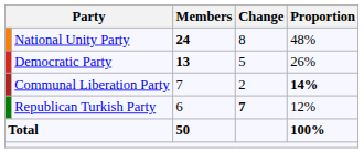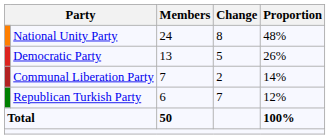 <table class=wikitable style="border:1px solid #8888aa; background-color:#f7f8ff; padding:0px; font-size:90%;">
 <tr>
 <th colspan="2">Party</th>
 <th>Members</th>
 <th>Change</th>
 <th>Proportion</th>
 </tr>
 <tr>
 <td style="background: #FF7F00"></td>
 <td><a href='#'>National Unity Party</a></td>
-<td><strong>24</strong></td>
+<td>24</td>
 <td>8</td>
 <td>48%</td>
 </tr>
 <tr>
 <td style="background: #DC241f"></td>
 <td><a href='#'>Democratic Party</a></td>
-<td><strong>13</strong></td>
+<td>13</td>
 <td>5</td>
 <td>26%</td>
 </tr>
 <tr>
 <td style="background: #B22222"></td>
 <td><a href='#'>Communal Liberation Party</a></td>
 <td>7</td>
 <td>2</td>
-<td><strong>14%</strong></td>
+<td>14%</td>
 </tr>
 <tr>
 <td style="background: #008000"></td>
 <td><a href='#'>Republican Turkish Party</a></td>
 <td>6</td>
-<td><strong>7</strong></td>
+<td>7</td>
 <td>12%</td>
 </tr>
 <tr>
 <td colspan="2"><strong>Total</strong></td>
 <td><strong>50</strong></td>
 <td></td>
 <td><strong>100%</strong></td>
 </tr>
 <tr>
 <td colspan="7"></td>
 </tr>
 </table>
